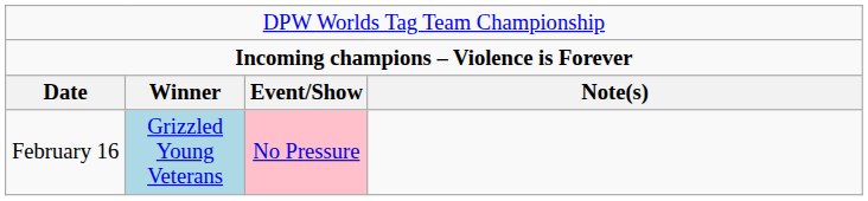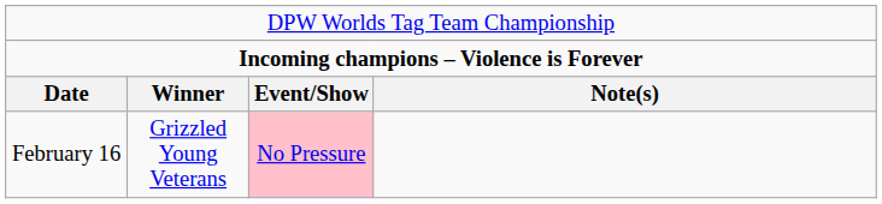 <table class="wikitable" style="text-align:center; width:100%;">
 <tr>
 <td colspan="4" style="text-align: center;"><a href='#'>DPW Worlds Tag Team Championship</a></td>
 </tr>
 <tr>
 <td colspan="4" style="text-align: center;"><strong>Incoming champions – Violence is Forever </strong></td>
 </tr>
 <tr>
 <th width=14%>Date</th>
 <th width=14%>Winner</th>
 <th width=14%>Event/Show</th>
 <th width=58%>Note(s)</th>
 </tr>
 <tr>
 <td>February 16<br></td>
-<td style="background: lightblue;"><a href='#'>Grizzled Young Veterans</a><br></td>
+<td><a href='#'>Grizzled Young Veterans</a><br></td>
 <td style="background: pink;"><a href='#'>No Pressure</a></td>
 <td></td>
 </tr>
 </table>
